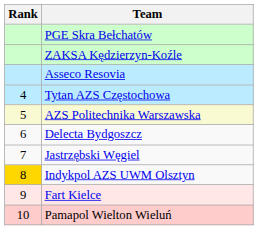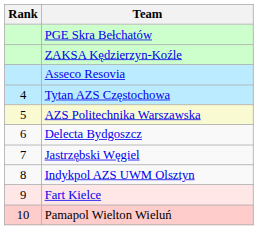 <table class="wikitable" style="white-space: nowrap; width:25%;">
 <tr>
 <th width=15%>Rank</th>
 <th>Team</th>
 </tr>
 <tr bgcolor=#CCFFCC>
 <td style="text-align:center;"></td>
 <td><a href='#'>PGE Skra Bełchatów</a></td>
 </tr>
 <tr bgcolor=#CCFFCC>
 <td style="text-align:center;"></td>
 <td><a href='#'>ZAKSA Kędzierzyn-Koźle</a></td>
 </tr>
 <tr bgcolor=#BBEBFF>
 <td style="text-align:center;"></td>
 <td><a href='#'>Asseco Resovia</a></td>
 </tr>
 <tr bgcolor=#BBEBFF>
 <td style="text-align:center;">4</td>
 <td><a href='#'>Tytan AZS Częstochowa</a></td>
 </tr>
 <tr bgcolor=#FAFAD2>
 <td style="text-align:center;">5</td>
 <td><a href='#'>AZS Politechnika Warszawska</a></td>
 </tr>
 <tr>
 <td style="text-align:center;">6</td>
 <td><a href='#'>Delecta Bydgoszcz</a></td>
 </tr>
 <tr>
 <td style="text-align:center;">7</td>
 <td><a href='#'>Jastrzębski Węgiel</a></td>
 </tr>
 <tr>
-<td style="background: gold; text-align:center;">8</td>
+<td style="text-align:center;">8</td>
 <td><a href='#'>Indykpol AZS UWM Olsztyn</a></td>
 </tr>
 <tr bgcolor=#FFE7E7>
 <td style="text-align:center;">9</td>
 <td><a href='#'>Fart Kielce</a></td>
 </tr>
 <tr bgcolor=#FFCCCC>
 <td style="text-align:center;">10</td>
 <td>Pamapol Wielton Wieluń</td>
 </tr>
 </table>
